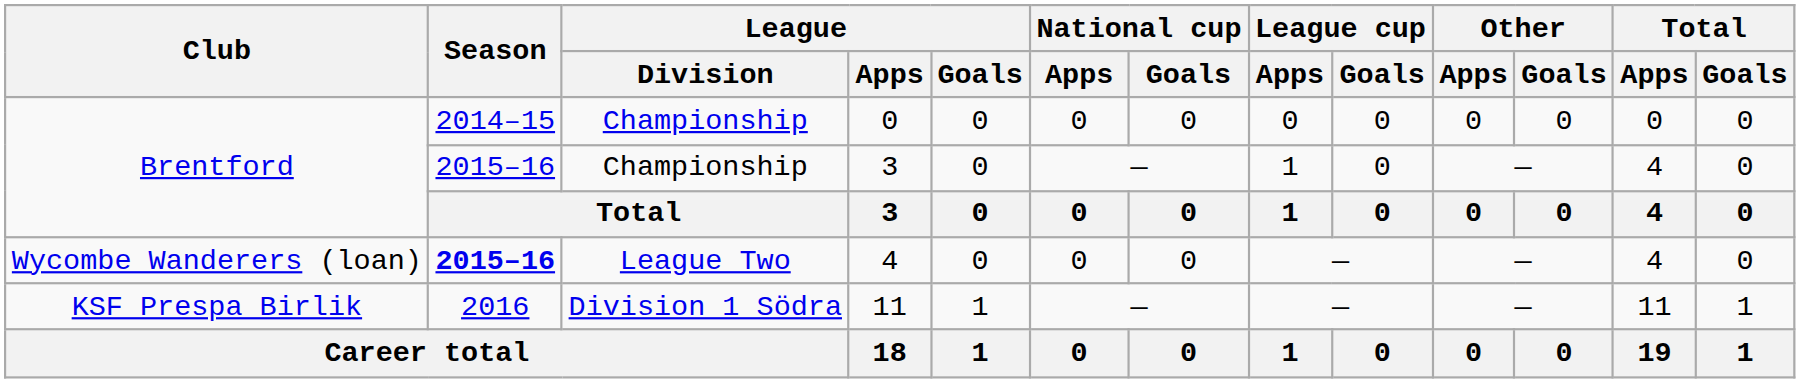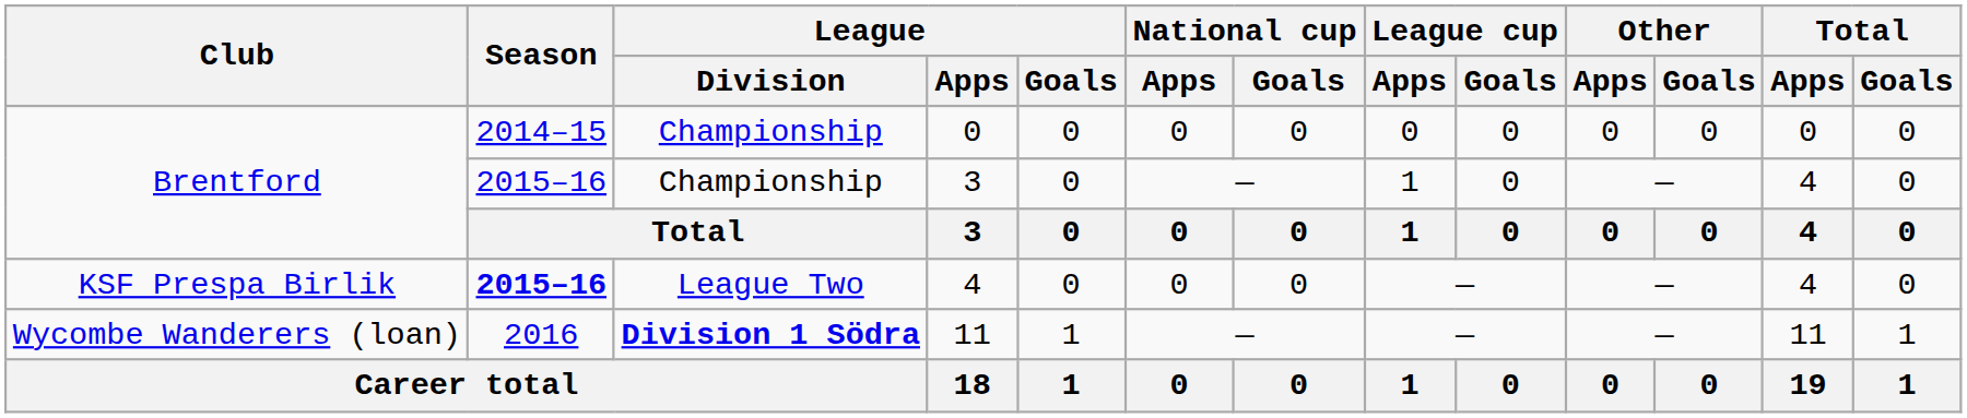 <table class="wikitable" style="text-align: center;">
 <tr>
 <th rowspan="2">Club</th>
 <th rowspan="2">Season</th>
 <th colspan="3">League</th>
 <th colspan="2">National cup</th>
 <th colspan="2">League cup</th>
 <th colspan="2">Other</th>
 <th colspan="2">Total</th>
 </tr>
 <tr>
 <th>Division</th>
 <th>Apps</th>
 <th>Goals</th>
 <th>Apps</th>
 <th>Goals</th>
 <th>Apps</th>
 <th>Goals</th>
 <th>Apps</th>
 <th>Goals</th>
 <th>Apps</th>
 <th>Goals</th>
 </tr>
 <tr>
 <td rowspan="3"><a href='#'>Brentford</a></td>
 <td><a href='#'>2014–15</a></td>
 <td><a href='#'>Championship</a></td>
 <td>0</td>
 <td>0</td>
 <td>0</td>
 <td>0</td>
 <td>0</td>
 <td>0</td>
 <td>0</td>
 <td>0</td>
 <td>0</td>
 <td>0</td>
 </tr>
 <tr>
 <td><a href='#'>2015–16</a></td>
 <td>Championship</td>
 <td>3</td>
 <td>0</td>
 <td colspan="2">—</td>
 <td>1</td>
 <td>0</td>
 <td colspan="2">—</td>
 <td>4</td>
 <td>0</td>
 </tr>
 <tr>
 <th colspan="2">Total</th>
 <th>3</th>
 <th>0</th>
 <th>0</th>
 <th>0</th>
 <th>1</th>
 <th>0</th>
 <th>0</th>
 <th>0</th>
 <th>4</th>
 <th>0</th>
 </tr>
 <tr>
-<td><a href='#'>Wycombe Wanderers</a> (loan)</td>
+<td><a href='#'>KSF Prespa Birlik</a></td>
 <td><strong><a href='#'>2015–16</a></strong></td>
 <td><a href='#'>League Two</a></td>
 <td>4</td>
 <td>0</td>
 <td>0</td>
 <td>0</td>
 <td colspan="2">—</td>
 <td colspan="2">—</td>
 <td>4</td>
 <td>0</td>
 </tr>
 <tr>
-<td><a href='#'>KSF Prespa Birlik</a></td>
+<td><a href='#'>Wycombe Wanderers</a> (loan)</td>
 <td><a href='#'>2016</a></td>
-<td><a href='#'>Division 1 Södra</a></td>
+<td><strong><a href='#'>Division 1 Södra</a></strong></td>
 <td>11</td>
 <td>1</td>
 <td colspan="2">—</td>
 <td colspan="2">—</td>
 <td colspan="2">—</td>
 <td>11</td>
 <td>1</td>
 </tr>
 <tr>
 <th colspan="3">Career total</th>
 <th>18</th>
 <th>1</th>
 <th>0</th>
 <th>0</th>
 <th>1</th>
 <th>0</th>
 <th>0</th>
 <th>0</th>
 <th>19</th>
 <th>1</th>
 </tr>
 </table>
